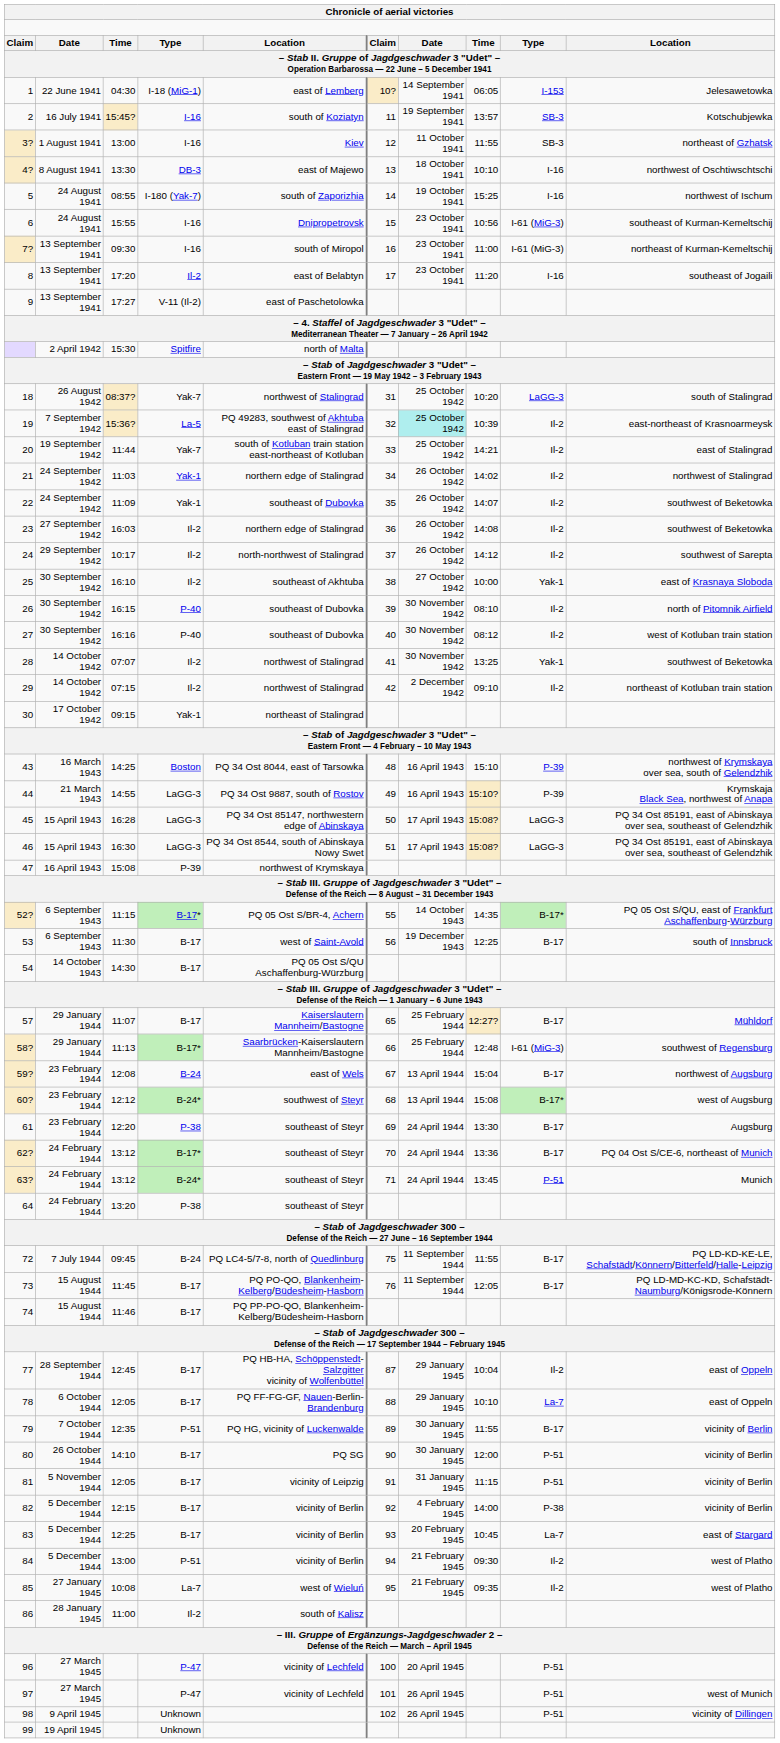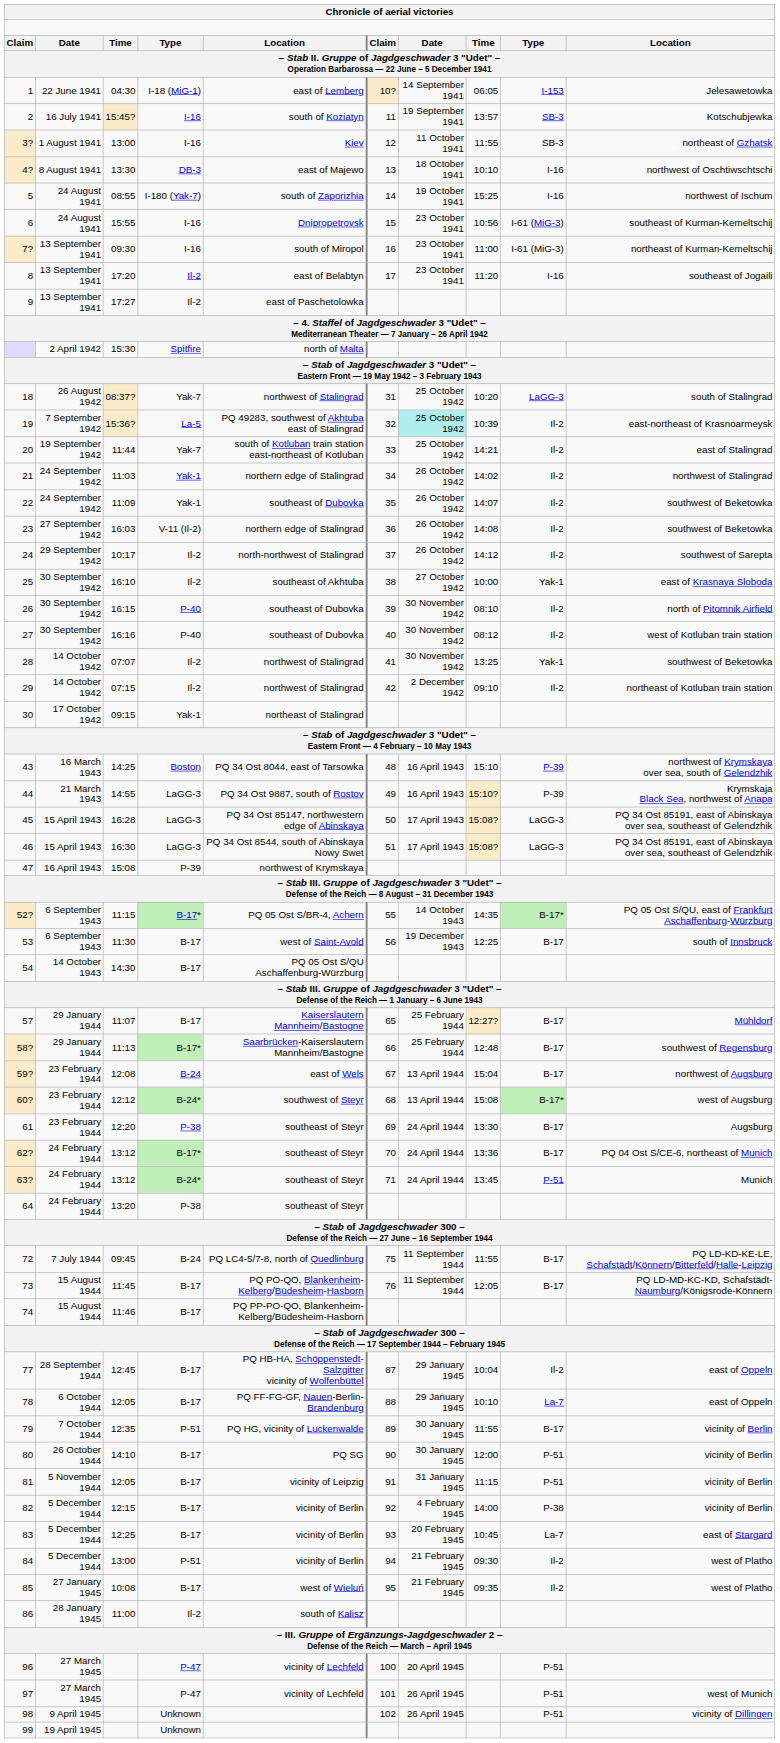 <table class="wikitable plainrowheaders collapsible" style="margin-left: auto; margin-right: auto; border: none; text-align:right; width: 100%;">
 <tr>
 <th colspan="10">Chronicle of aerial victories</th>
 </tr>
 <tr>
 <td colspan="10" style="text-align: left;"><br>  </td>
 </tr>
 <tr>
 <th scope="col">Claim</th>
 <th scope="col">Date</th>
 <th scope="col">Time</th>
 <th scope="col" width="100px">Type</th>
 <th scope="col">Location</th>
 <th scope="col" style="border-left: 3px solid grey;">Claim</th>
 <th scope="col">Date</th>
 <th scope="col">Time</th>
 <th scope="col" width="100px">Type</th>
 <th scope="col">Location</th>
 </tr>
 <tr>
 <th colspan="10">– <em>Stab</em> II. <em>Gruppe</em> of <em>Jagdgeschwader</em> 3 "Udet" –<br><small>Operation Barbarossa — 22 June – 5 December 1941</small></th>
 </tr>
 <tr>
 <td>1</td>
 <td>22 June 1941</td>
 <td>04:30</td>
 <td>I-18 (<a href='#'>MiG-1</a>)</td>
 <td>east of <a href='#'>Lemberg</a></td>
 <td style="border-left: 3px solid grey; background:#faecc8">10?</td>
 <td>14 September 1941</td>
 <td>06:05</td>
 <td><a href='#'>I-153</a></td>
 <td>Jelesawetowka</td>
 </tr>
 <tr>
 <td>2</td>
 <td>16 July 1941</td>
 <td style="background:#faecc8">15:45?</td>
 <td><a href='#'>I-16</a></td>
 <td>south of <a href='#'>Koziatyn</a></td>
 <td style="border-left: 3px solid grey;">11</td>
 <td>19 September 1941</td>
 <td>13:57</td>
 <td><a href='#'>SB-3</a></td>
 <td>Kotschubjewka</td>
 </tr>
 <tr>
 <td style="background:#faecc8">3?</td>
 <td>1 August 1941</td>
 <td>13:00</td>
 <td>I-16</td>
 <td><a href='#'>Kiev</a></td>
 <td style="border-left: 3px solid grey;">12</td>
 <td>11 October 1941</td>
 <td>11:55</td>
 <td>SB-3</td>
 <td> northeast of <a href='#'>Gzhatsk</a></td>
 </tr>
 <tr>
 <td style="background:#faecc8">4?</td>
 <td>8 August 1941</td>
 <td>13:30</td>
 <td><a href='#'>DB-3</a></td>
 <td>east of Majewo</td>
 <td style="border-left: 3px solid grey;">13</td>
 <td>18 October 1941</td>
 <td>10:10</td>
 <td>I-16</td>
 <td>northwest of Oschtiwschtschi</td>
 </tr>
 <tr>
 <td>5</td>
 <td>24 August 1941</td>
 <td>08:55</td>
 <td>I-180 (<a href='#'>Yak-7</a>)</td>
 <td>south of <a href='#'>Zaporizhia</a></td>
 <td style="border-left: 3px solid grey;">14</td>
 <td>19 October 1941</td>
 <td>15:25</td>
 <td>I-16</td>
 <td>northwest of Ischum</td>
 </tr>
 <tr>
 <td>6</td>
 <td>24 August 1941</td>
 <td>15:55</td>
 <td>I-16</td>
 <td><a href='#'>Dnipropetrovsk</a></td>
 <td style="border-left: 3px solid grey;">15</td>
 <td>23 October 1941</td>
 <td>10:56</td>
 <td>I-61 (<a href='#'>MiG-3</a>)</td>
 <td>southeast of Kurman-Kemeltschij</td>
 </tr>
 <tr>
 <td style="background:#faecc8">7?</td>
 <td>13 September 1941</td>
 <td>09:30</td>
 <td>I-16</td>
 <td>south of Miropol</td>
 <td style="border-left: 3px solid grey;">16</td>
 <td>23 October 1941</td>
 <td>11:00</td>
 <td>I-61 (MiG-3)</td>
 <td>northeast of Kurman-Kemeltschij</td>
 </tr>
 <tr>
 <td>8</td>
 <td>13 September 1941</td>
 <td>17:20</td>
 <td><a href='#'>Il-2</a></td>
 <td>east of Belabtyn</td>
 <td style="border-left: 3px solid grey;">17</td>
 <td>23 October 1941</td>
 <td>11:20</td>
 <td>I-16</td>
 <td>southeast of Jogaili</td>
 </tr>
 <tr>
 <td>9</td>
 <td>13 September 1941</td>
 <td>17:27</td>
-<td>V-11 (Il-2)</td>
+<td>Il-2</td>
 <td>east of Paschetolowka</td>
 <td style="border-left: 3px solid grey;"></td>
 <td></td>
 <td></td>
 <td></td>
 <td></td>
 </tr>
 <tr>
 <th colspan="10">– 4. <em>Staffel</em> of <em>Jagdgeschwader</em> 3 "Udet" –<br><small>Mediterranean Theater — 7 January – 26 April 1942</small></th>
 </tr>
 <tr>
 <td style="background:#e3d9ff;"></td>
 <td>2 April 1942</td>
 <td>15:30</td>
 <td><a href='#'>Spitfire</a></td>
 <td> north of <a href='#'>Malta</a></td>
 <td style="border-left: 3px solid grey;"></td>
 <td></td>
 <td></td>
 <td></td>
 <td></td>
 </tr>
 <tr>
 <th colspan="10">– <em>Stab</em> of <em>Jagdgeschwader</em> 3 "Udet" –<br><small>Eastern Front — 19 May 1942 – 3 February 1943</small></th>
 </tr>
 <tr>
 <td>18</td>
 <td>26 August 1942</td>
 <td style="background:#faecc8">08:37?</td>
 <td>Yak-7</td>
 <td>northwest of <a href='#'>Stalingrad</a></td>
 <td style="border-left: 3px solid grey;">31</td>
 <td>25 October 1942</td>
 <td>10:20</td>
 <td><a href='#'>LaGG-3</a></td>
 <td> south of Stalingrad</td>
 </tr>
 <tr>
 <td>19</td>
 <td>7 September 1942</td>
 <td style="background:#faecc8">15:36?</td>
 <td><a href='#'>La-5</a></td>
 <td>PQ 49283, southwest of <a href='#'>Akhtuba</a><br> east of Stalingrad</td>
 <td style="border-left: 3px solid grey;">32</td>
 <td style="background: paleturquoise;">25 October 1942</td>
 <td>10:39</td>
 <td>Il-2</td>
 <td> east-northeast of Krasnoarmeysk</td>
 </tr>
 <tr>
 <td>20</td>
 <td>19 September 1942</td>
 <td>11:44</td>
 <td>Yak-7</td>
 <td> south of <a href='#'>Kotluban</a> train station<br> east-northeast of Kotluban</td>
 <td style="border-left: 3px solid grey;">33</td>
 <td>25 October 1942</td>
 <td>14:21</td>
 <td>Il-2</td>
 <td> east of Stalingrad</td>
 </tr>
 <tr>
 <td>21</td>
 <td>24 September 1942</td>
 <td>11:03</td>
 <td><a href='#'>Yak-1</a></td>
 <td>northern edge of Stalingrad</td>
 <td style="border-left: 3px solid grey;">34</td>
 <td>26 October 1942</td>
 <td>14:02</td>
 <td>Il-2</td>
 <td> northwest of Stalingrad</td>
 </tr>
 <tr>
 <td>22</td>
 <td>24 September 1942</td>
 <td>11:09</td>
 <td>Yak-1</td>
 <td>southeast of <a href='#'>Dubovka</a></td>
 <td style="border-left: 3px solid grey;">35</td>
 <td>26 October 1942</td>
 <td>14:07</td>
 <td>Il-2</td>
 <td> southwest of Beketowka</td>
 </tr>
 <tr>
 <td>23</td>
 <td>27 September 1942</td>
 <td>16:03</td>
-<td>Il-2</td>
+<td>V-11 (Il-2)</td>
 <td>northern edge of Stalingrad</td>
 <td style="border-left: 3px solid grey;">36</td>
 <td>26 October 1942</td>
 <td>14:08</td>
 <td>Il-2</td>
 <td> southwest of Beketowka</td>
 </tr>
 <tr>
 <td>24</td>
 <td>29 September 1942</td>
 <td>10:17</td>
 <td>Il-2</td>
 <td>north-northwest of Stalingrad</td>
 <td style="border-left: 3px solid grey;">37</td>
 <td>26 October 1942</td>
 <td>14:12</td>
 <td>Il-2</td>
 <td> southwest of Sarepta</td>
 </tr>
 <tr>
 <td>25</td>
 <td>30 September 1942</td>
 <td>16:10</td>
 <td>Il-2</td>
 <td> southeast of Akhtuba</td>
 <td style="border-left: 3px solid grey;">38</td>
 <td>27 October 1942</td>
 <td>10:00</td>
 <td>Yak-1</td>
 <td> east of <a href='#'>Krasnaya Sloboda</a></td>
 </tr>
 <tr>
 <td>26</td>
 <td>30 September 1942</td>
 <td>16:15</td>
 <td><a href='#'>P-40</a></td>
 <td> southeast of Dubovka</td>
 <td style="border-left: 3px solid grey;">39</td>
 <td>30 November 1942</td>
 <td>08:10</td>
 <td>Il-2</td>
 <td> north of <a href='#'>Pitomnik Airfield</a></td>
 </tr>
 <tr>
 <td>27</td>
 <td>30 September 1942</td>
 <td>16:16</td>
 <td>P-40</td>
 <td> southeast of Dubovka</td>
 <td style="border-left: 3px solid grey;">40</td>
 <td>30 November 1942</td>
 <td>08:12</td>
 <td>Il-2</td>
 <td>west of Kotluban train station</td>
 </tr>
 <tr>
 <td>28</td>
 <td>14 October 1942</td>
 <td>07:07</td>
 <td>Il-2</td>
 <td> northwest of Stalingrad</td>
 <td style="border-left: 3px solid grey;">41</td>
 <td>30 November 1942</td>
 <td>13:25</td>
 <td>Yak-1</td>
 <td> southwest of Beketowka</td>
 </tr>
 <tr>
 <td>29</td>
 <td>14 October 1942</td>
 <td>07:15</td>
 <td>Il-2</td>
 <td> northwest of Stalingrad</td>
 <td style="border-left: 3px solid grey;">42</td>
 <td>2 December 1942</td>
 <td>09:10</td>
 <td>Il-2</td>
 <td> northeast of Kotluban train station</td>
 </tr>
 <tr>
 <td>30</td>
 <td>17 October 1942</td>
 <td>09:15</td>
 <td>Yak-1</td>
 <td> northeast of Stalingrad</td>
 <td style="border-left: 3px solid grey;"></td>
 <td></td>
 <td></td>
 <td></td>
 <td></td>
 </tr>
 <tr>
 <th colspan="10">– <em>Stab</em> of <em>Jagdgeschwader</em> 3 "Udet" –<br><small>Eastern Front — 4 February – 10 May 1943</small></th>
 </tr>
 <tr>
 <td>43</td>
 <td>16 March 1943</td>
 <td>14:25</td>
 <td><a href='#'>Boston</a></td>
 <td>PQ 34 Ost 8044, east of Tarsowka</td>
 <td style="border-left: 3px solid grey;">48</td>
 <td>16 April 1943</td>
 <td>15:10</td>
 <td><a href='#'>P-39</a></td>
 <td>northwest of <a href='#'>Krymskaya</a><br>over sea, south of <a href='#'>Gelendzhik</a></td>
 </tr>
 <tr>
 <td>44</td>
 <td>21 March 1943</td>
 <td>14:55</td>
 <td>LaGG-3</td>
 <td>PQ 34 Ost 9887, south of <a href='#'>Rostov</a></td>
 <td style="border-left: 3px solid grey;">49</td>
 <td>16 April 1943</td>
 <td style="background:#faecc8">15:10?</td>
 <td>P-39</td>
 <td>Krymskaja<br><a href='#'>Black Sea</a>,  northwest of <a href='#'>Anapa</a></td>
 </tr>
 <tr>
 <td>45</td>
 <td>15 April 1943</td>
 <td>16:28</td>
 <td>LaGG-3</td>
 <td>PQ 34 Ost 85147, northwestern edge of <a href='#'>Abinskaya</a></td>
 <td style="border-left: 3px solid grey;">50</td>
 <td>17 April 1943</td>
 <td style="background:#faecc8">15:08?</td>
 <td>LaGG-3</td>
 <td>PQ 34 Ost 85191, east of Abinskaya<br>over sea, southeast of Gelendzhik</td>
 </tr>
 <tr>
 <td>46</td>
 <td>15 April 1943</td>
 <td>16:30</td>
 <td>LaGG-3</td>
 <td>PQ 34 Ost 8544, south of Abinskaya<br>Nowy Swet</td>
 <td style="border-left: 3px solid grey;">51</td>
 <td>17 April 1943</td>
 <td style="background:#faecc8">15:08?</td>
 <td>LaGG-3</td>
 <td>PQ 34 Ost 85191, east of Abinskaya<br>over sea, southeast of Gelendzhik</td>
 </tr>
 <tr>
 <td>47</td>
 <td>16 April 1943</td>
 <td>15:08</td>
 <td>P-39</td>
 <td>northwest of Krymskaya</td>
 <td style="border-left: 3px solid grey;"></td>
 <td></td>
 <td></td>
 <td></td>
 <td></td>
 </tr>
 <tr>
 <th colspan="10">– <em>Stab</em> III. <em>Gruppe</em> of <em>Jagdgeschwader</em> 3 "Udet" –<br><small>Defense of the Reich — 8 August – 31 December 1943</small></th>
 </tr>
 <tr>
 <td style="background:#faecc8">52?</td>
 <td>6 September 1943</td>
 <td>11:15</td>
 <td style="background:#C0EFBA"><a href='#'>B-17</a>*</td>
 <td>PQ 05 Ost S/BR-4, <a href='#'>Achern</a></td>
 <td style="border-left: 3px solid grey;">55</td>
 <td>14 October 1943</td>
 <td>14:35</td>
 <td style="background:#C0EFBA">B-17*</td>
 <td>PQ 05 Ost S/QU, east of <a href='#'>Frankfurt</a><br><a href='#'>Aschaffenburg</a>-<a href='#'>Würzburg</a></td>
 </tr>
 <tr>
 <td>53</td>
 <td>6 September 1943</td>
 <td>11:30</td>
 <td>B-17</td>
 <td> west of <a href='#'>Saint-Avold</a></td>
 <td style="border-left: 3px solid grey;">56</td>
 <td>19 December 1943</td>
 <td>12:25</td>
 <td>B-17</td>
 <td>south of <a href='#'>Innsbruck</a></td>
 </tr>
 <tr>
 <td>54</td>
 <td>14 October 1943</td>
 <td>14:30</td>
 <td>B-17</td>
 <td>PQ 05 Ost S/QU<br>Aschaffenburg-Würzburg</td>
 <td style="border-left: 3px solid grey;"></td>
 <td></td>
 <td></td>
 <td></td>
 <td></td>
 </tr>
 <tr>
 <th colspan="10">– <em>Stab</em> III. <em>Gruppe</em> of <em>Jagdgeschwader</em> 3 "Udet" –<br><small>Defense of the Reich — 1 January – 6 June 1943</small></th>
 </tr>
 <tr>
 <td>57</td>
 <td>29 January 1944</td>
 <td>11:07</td>
 <td>B-17</td>
 <td><a href='#'>Kaiserslautern</a><br><a href='#'>Mannheim</a>/<a href='#'>Bastogne</a></td>
 <td style="border-left: 3px solid grey;">65</td>
 <td>25 February 1944</td>
 <td style="background:#faecc8">12:27?</td>
 <td>B-17</td>
 <td><a href='#'>Mühldorf</a></td>
 </tr>
 <tr>
 <td style="background:#faecc8">58?</td>
 <td>29 January 1944</td>
 <td>11:13</td>
 <td style="background:#C0EFBA">B-17*</td>
 <td><a href='#'>Saarbrücken</a>-Kaiserslautern<br>Mannheim/Bastogne</td>
 <td style="border-left: 3px solid grey;">66</td>
 <td>25 February 1944</td>
 <td>12:48</td>
-<td>I-61 (<a href='#'>MiG-3</a>)</td>
+<td>B-17</td>
 <td> southwest of <a href='#'>Regensburg</a></td>
 </tr>
 <tr>
 <td style="background:#faecc8">59?</td>
 <td>23 February 1944</td>
 <td>12:08</td>
 <td><a href='#'>B-24</a></td>
 <td>east of <a href='#'>Wels</a></td>
 <td style="border-left: 3px solid grey;">67</td>
 <td>13 April 1944</td>
 <td>15:04</td>
 <td>B-17</td>
 <td> northwest of <a href='#'>Augsburg</a></td>
 </tr>
 <tr>
 <td style="background:#faecc8">60?</td>
 <td>23 February 1944</td>
 <td>12:12</td>
 <td style="background:#C0EFBA">B-24*</td>
 <td>southwest of <a href='#'>Steyr</a></td>
 <td style="border-left: 3px solid grey;">68</td>
 <td>13 April 1944</td>
 <td>15:08</td>
 <td style="background:#C0EFBA">B-17*</td>
 <td> west of Augsburg</td>
 </tr>
 <tr>
 <td>61</td>
 <td>23 February 1944</td>
 <td>12:20</td>
 <td><a href='#'>P-38</a></td>
 <td>southeast of Steyr</td>
 <td style="border-left: 3px solid grey;">69</td>
 <td>24 April 1944</td>
 <td>13:30</td>
 <td>B-17</td>
 <td>Augsburg</td>
 </tr>
 <tr>
 <td style="background:#faecc8">62?</td>
 <td>24 February 1944</td>
 <td>13:12</td>
 <td style="background:#C0EFBA">B-17*</td>
 <td>southeast of Steyr</td>
 <td style="border-left: 3px solid grey;">70</td>
 <td>24 April 1944</td>
 <td>13:36</td>
 <td>B-17</td>
 <td>PQ 04 Ost S/CE-6, northeast of <a href='#'>Munich</a></td>
 </tr>
 <tr>
 <td style="background:#faecc8">63?</td>
 <td>24 February 1944</td>
 <td>13:12</td>
 <td style="background:#C0EFBA">B-24*</td>
 <td>southeast of Steyr</td>
 <td style="border-left: 3px solid grey;">71</td>
 <td>24 April 1944</td>
 <td>13:45</td>
 <td><a href='#'>P-51</a></td>
 <td>Munich</td>
 </tr>
 <tr>
 <td>64</td>
 <td>24 February 1944</td>
 <td>13:20</td>
 <td>P-38</td>
 <td> southeast of Steyr</td>
 <td style="border-left: 3px solid grey;"></td>
 <td></td>
 <td></td>
 <td></td>
 <td></td>
 </tr>
 <tr>
 <th colspan="10">– <em>Stab</em> of <em>Jagdgeschwader</em> 300 –<br><small>Defense of the Reich — 27 June – 16 September 1944</small></th>
 </tr>
 <tr>
 <td>72</td>
 <td>7 July 1944</td>
 <td>09:45</td>
 <td>B-24</td>
 <td>PQ LC4-5/7-8, north of <a href='#'>Quedlinburg</a></td>
 <td style="border-left: 3px solid grey;">75</td>
 <td>11 September 1944</td>
 <td>11:55</td>
 <td>B-17</td>
 <td>PQ LD-KD-KE-LE, <a href='#'>Schafstädt</a>/<a href='#'>Könnern</a>/<a href='#'>Bitterfeld</a>/<a href='#'>Halle</a>-<a href='#'>Leipzig</a></td>
 </tr>
 <tr>
 <td>73</td>
 <td>15 August 1944</td>
 <td>11:45</td>
 <td>B-17</td>
 <td>PQ PO-QO, <a href='#'>Blankenheim</a>-<a href='#'>Kelberg</a>/<a href='#'>Büdesheim</a>-<a href='#'>Hasborn</a></td>
 <td style="border-left: 3px solid grey;">76</td>
 <td>11 September 1944</td>
 <td>12:05</td>
 <td>B-17</td>
 <td>PQ LD-MD-KC-KD, Schafstädt-<a href='#'>Naumburg</a>/Königsrode-Könnern</td>
 </tr>
 <tr>
 <td>74</td>
 <td>15 August 1944</td>
 <td>11:46</td>
 <td>B-17</td>
 <td>PQ PP-PO-QO, Blankenheim-Kelberg/Büdesheim-Hasborn</td>
 <td style="border-left: 3px solid grey;"></td>
 <td></td>
 <td></td>
 <td></td>
 <td></td>
 </tr>
 <tr>
 <th colspan="10">– <em>Stab</em> of <em>Jagdgeschwader</em> 300 –<br><small>Defense of the Reich — 17 September 1944 – February 1945</small></th>
 </tr>
 <tr>
 <td>77</td>
 <td>28 September 1944</td>
 <td>12:45</td>
 <td>B-17</td>
 <td>PQ HB-HA, <a href='#'>Schöppenstedt</a>-<a href='#'>Salzgitter</a><br>vicinity of <a href='#'>Wolfenbüttel</a></td>
 <td style="border-left: 3px solid grey;">87</td>
 <td>29 January 1945</td>
 <td>10:04</td>
 <td>Il-2</td>
 <td> east of <a href='#'>Oppeln</a></td>
 </tr>
 <tr>
 <td>78</td>
 <td>6 October 1944</td>
 <td>12:05</td>
 <td>B-17</td>
 <td>PQ FF-FG-GF, <a href='#'>Nauen</a>-Berlin-<a href='#'>Brandenburg</a></td>
 <td style="border-left: 3px solid grey;">88</td>
 <td>29 January 1945</td>
 <td>10:10</td>
 <td><a href='#'>La-7</a></td>
 <td> east of Oppeln</td>
 </tr>
 <tr>
 <td>79</td>
 <td>7 October 1944</td>
 <td>12:35</td>
 <td>P-51</td>
 <td>PQ HG, vicinity of <a href='#'>Luckenwalde</a></td>
 <td style="border-left: 3px solid grey;">89</td>
 <td>30 January 1945</td>
 <td>11:55</td>
 <td>B-17</td>
 <td>vicinity of <a href='#'>Berlin</a></td>
 </tr>
 <tr>
 <td>80</td>
 <td>26 October 1944</td>
 <td>14:10</td>
 <td>B-17</td>
 <td>PQ SG</td>
 <td style="border-left: 3px solid grey;">90</td>
 <td>30 January 1945</td>
 <td>12:00</td>
 <td>P-51</td>
 <td>vicinity of Berlin</td>
 </tr>
 <tr>
 <td>81</td>
 <td>5 November 1944</td>
 <td>12:05</td>
 <td>B-17</td>
 <td>vicinity of Leipzig</td>
 <td style="border-left: 3px solid grey;">91</td>
 <td>31 January 1945</td>
 <td>11:15</td>
 <td>P-51</td>
 <td>vicinity of Berlin</td>
 </tr>
 <tr>
 <td>82</td>
 <td>5 December 1944</td>
 <td>12:15</td>
 <td>B-17</td>
 <td>vicinity of Berlin</td>
 <td style="border-left: 3px solid grey;">92</td>
 <td>4 February 1945</td>
 <td>14:00</td>
 <td>P-38</td>
 <td>vicinity of Berlin</td>
 </tr>
 <tr>
 <td>83</td>
 <td>5 December 1944</td>
 <td>12:25</td>
 <td>B-17</td>
 <td>vicinity of Berlin</td>
 <td style="border-left: 3px solid grey;">93</td>
 <td>20 February 1945</td>
 <td>10:45</td>
 <td>La-7</td>
 <td> east of <a href='#'>Stargard</a></td>
 </tr>
 <tr>
 <td>84</td>
 <td>5 December 1944</td>
 <td>13:00</td>
 <td>P-51</td>
 <td>vicinity of Berlin</td>
 <td style="border-left: 3px solid grey;">94</td>
 <td>21 February 1945</td>
 <td>09:30</td>
 <td>Il-2</td>
 <td> west of Platho</td>
 </tr>
 <tr>
 <td>85</td>
 <td>27 January 1945</td>
 <td>10:08</td>
-<td>La-7</td>
+<td>B-17</td>
 <td> west of <a href='#'>Wieluń</a></td>
 <td style="border-left: 3px solid grey;">95</td>
 <td>21 February 1945</td>
 <td>09:35</td>
 <td>Il-2</td>
 <td> west of Platho</td>
 </tr>
 <tr>
 <td>86</td>
 <td>28 January 1945</td>
 <td>11:00</td>
 <td>Il-2</td>
 <td> south of <a href='#'>Kalisz</a></td>
 <td style="border-left: 3px solid grey;"></td>
 <td></td>
 <td></td>
 <td></td>
 <td></td>
 </tr>
 <tr>
 <th colspan="10">– III. <em>Gruppe</em> of <em>Ergänzungs-Jagdgeschwader</em> 2 –<br><small>Defense of the Reich — March – April 1945</small></th>
 </tr>
 <tr>
 <td>96</td>
 <td>27 March 1945</td>
 <td></td>
 <td><a href='#'>P-47</a></td>
 <td>vicinity of <a href='#'>Lechfeld</a></td>
 <td style="border-left: 3px solid grey;">100</td>
 <td>20 April 1945</td>
 <td></td>
 <td>P-51</td>
 <td></td>
 </tr>
 <tr>
 <td>97</td>
 <td>27 March 1945</td>
 <td></td>
 <td>P-47</td>
 <td>vicinity of Lechfeld</td>
 <td style="border-left: 3px solid grey;">101</td>
 <td>26 April 1945</td>
 <td></td>
 <td>P-51</td>
 <td>west of Munich</td>
 </tr>
 <tr>
 <td>98</td>
 <td>9 April 1945</td>
 <td></td>
 <td>Unknown</td>
 <td></td>
 <td style="border-left: 3px solid grey;">102</td>
 <td>26 April 1945</td>
 <td></td>
 <td>P-51</td>
 <td>vicinity of <a href='#'>Dillingen</a></td>
 </tr>
 <tr>
 <td>99</td>
 <td>19 April 1945</td>
 <td></td>
 <td>Unknown</td>
 <td></td>
 <td style="border-left: 3px solid grey;"></td>
 <td></td>
 <td></td>
 <td></td>
 <td></td>
 </tr>
 </table>
